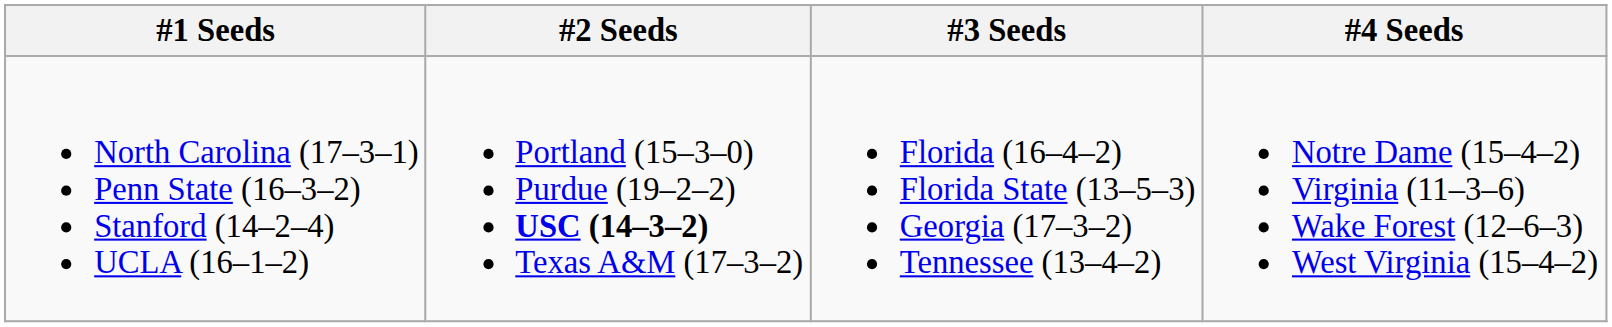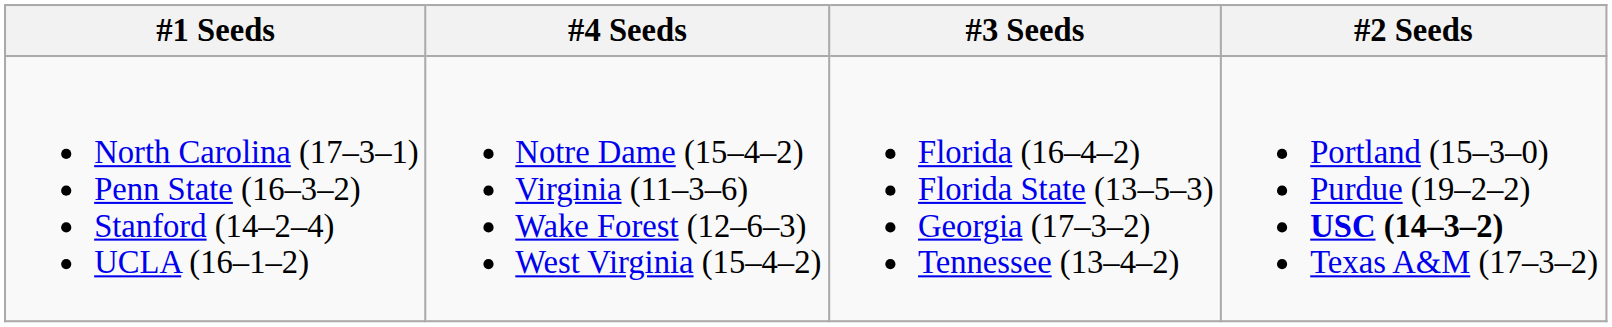 <table class="wikitable">
 <tr>
 <th>#1 Seeds</th>
+<th>#4 Seeds</th>
+<th>#3 Seeds</th>
 <th>#2 Seeds</th>
-<th>#3 Seeds</th>
-<th>#4 Seeds</th>
 </tr>
 <tr>
 <td><br><ul><li><a href='#'>North Carolina</a> (17–3–1)</li><li><a href='#'>Penn State</a> (16–3–2)</li><li><a href='#'>Stanford</a> (14–2–4)</li><li><a href='#'>UCLA</a> (16–1–2)</li></ul></td>
+<td><br><ul><li><a href='#'>Notre Dame</a> (15–4–2)</li><li><a href='#'>Virginia</a> (11–3–6)</li><li><a href='#'>Wake Forest</a> (12–6–3)</li><li><a href='#'>West Virginia</a> (15–4–2)</li></ul></td>
+<td><br><ul><li><a href='#'>Florida</a> (16–4–2)</li><li><a href='#'>Florida State</a> (13–5–3)</li><li><a href='#'>Georgia</a> (17–3–2)</li><li><a href='#'>Tennessee</a> (13–4–2)</li></ul></td>
 <td><br><ul><li><a href='#'>Portland</a> (15–3–0)</li><li><a href='#'>Purdue</a> (19–2–2)</li><li><strong><a href='#'>USC</a> (14–3–2)</strong></li><li><a href='#'>Texas A&M</a> (17–3–2)</li></ul></td>
-<td><br><ul><li><a href='#'>Florida</a> (16–4–2)</li><li><a href='#'>Florida State</a> (13–5–3)</li><li><a href='#'>Georgia</a> (17–3–2)</li><li><a href='#'>Tennessee</a> (13–4–2)</li></ul></td>
-<td><br><ul><li><a href='#'>Notre Dame</a> (15–4–2)</li><li><a href='#'>Virginia</a> (11–3–6)</li><li><a href='#'>Wake Forest</a> (12–6–3)</li><li><a href='#'>West Virginia</a> (15–4–2)</li></ul></td>
 </tr>
 </table>
